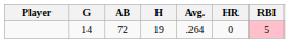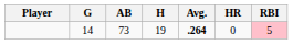 <table class="wikitable sortable">
 <tr>
 <th bgcolor="#DDDDFF" width="16%">Player</th>
 <th bgcolor="#DDDDFF" width="9%">G</th>
 <th bgcolor="#DDDDFF" width="9%">AB</th>
 <th bgcolor="#DDDDFF" width="9%">H</th>
 <th bgcolor="#DDDDFF" width="9%">Avg.</th>
 <th bgcolor="#DDDDFF" width="9%">HR</th>
 <th bgcolor="#DDDDFF" width="9%">RBI</th>
 </tr>
 <tr align="center">
 <td></td>
 <td>14</td>
-<td>72</td>
+<td>73</td>
 <td>19</td>
-<td>.264</td>
+<td><strong>.264</strong></td>
 <td>0</td>
 <td style="background: pink;">5</td>
 </tr>
 </table>
